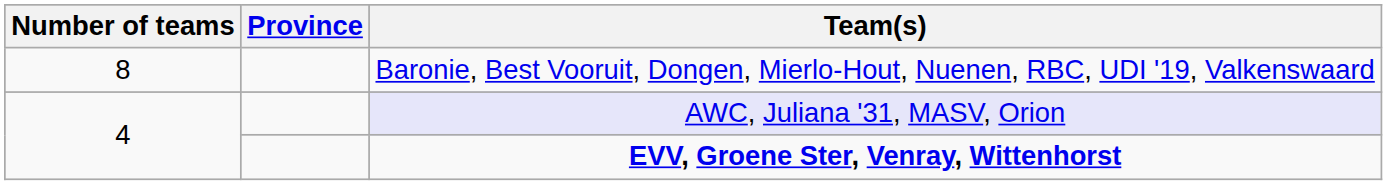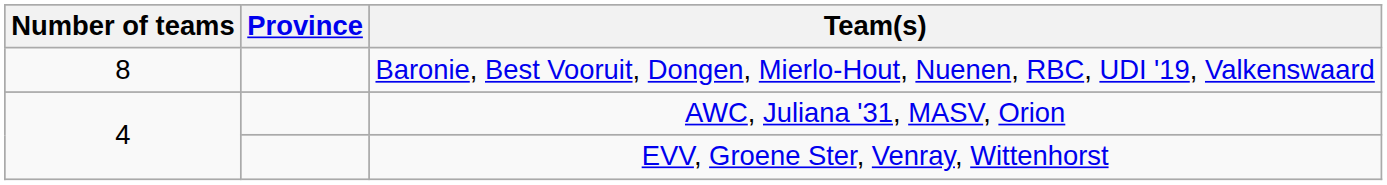 <table class="wikitable" style="text-align:center">
 <tr>
 <th>Number of teams</th>
 <th><a href='#'>Province</a></th>
 <th>Team(s)</th>
 </tr>
 <tr>
 <td>8</td>
 <td align="left"></td>
 <td><a href='#'>Baronie</a>, <a href='#'>Best Vooruit</a>, <a href='#'>Dongen</a>, <a href='#'>Mierlo-Hout</a>, <a href='#'>Nuenen</a>, <a href='#'>RBC</a>, <a href='#'>UDI '19</a>, <a href='#'>Valkenswaard</a></td>
 </tr>
 <tr>
 <td rowspan="2">4</td>
 <td align="left"></td>
-<td style="background: lavender;"><a href='#'>AWC</a>, <a href='#'>Juliana '31</a>, <a href='#'>MASV</a>, <a href='#'>Orion</a></td>
+<td><a href='#'>AWC</a>, <a href='#'>Juliana '31</a>, <a href='#'>MASV</a>, <a href='#'>Orion</a></td>
 </tr>
 <tr>
 <td align="left"></td>
-<td><strong><a href='#'>EVV</a>, <a href='#'>Groene Ster</a>, <a href='#'>Venray</a>, <a href='#'>Wittenhorst</a></strong></td>
+<td><a href='#'>EVV</a>, <a href='#'>Groene Ster</a>, <a href='#'>Venray</a>, <a href='#'>Wittenhorst</a></td>
 </tr>
 </table>
